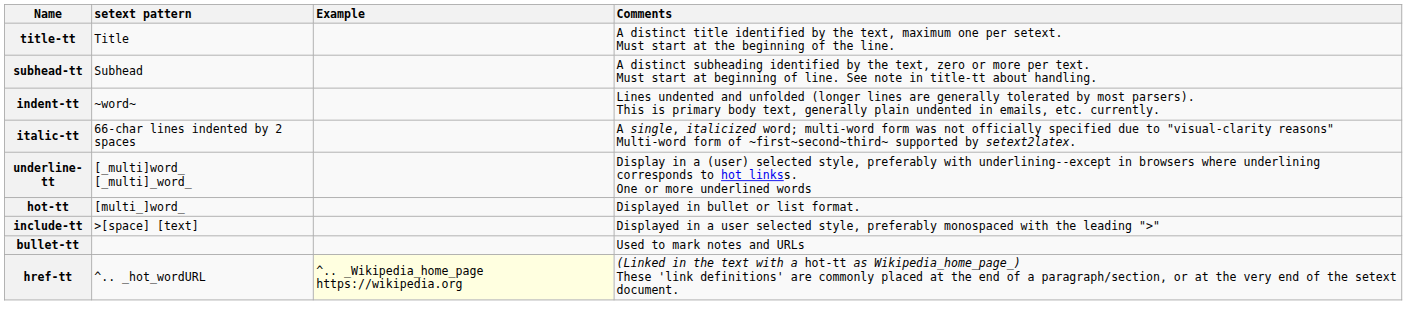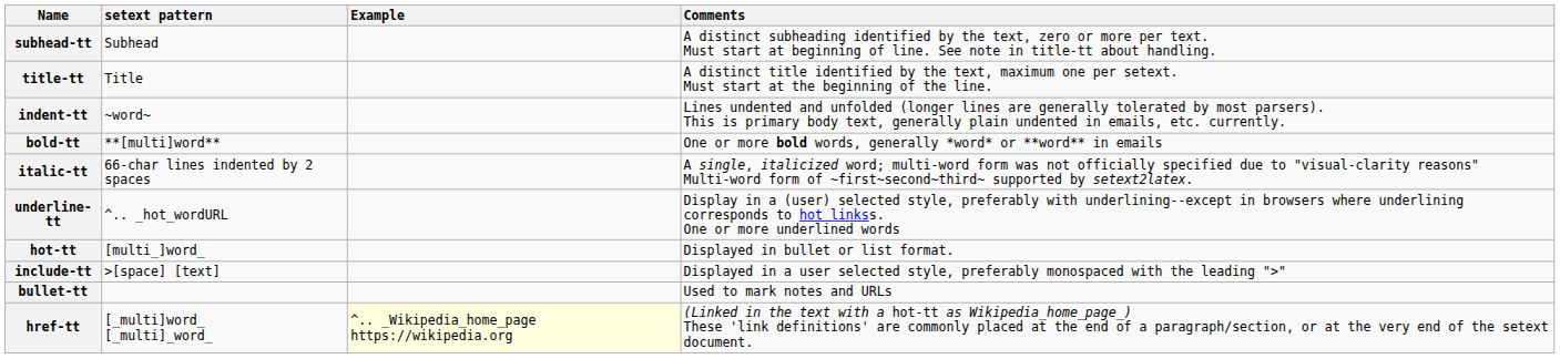 <table class="wikitable" summary="Syntax and examples of various ">
 <tr>
 <th scope="col">Name</th>
 <th style="text-align: left; min-width= 30em;">setext pattern</th>
 <th style="text-align: left;">Example </th>
 <th style="text-align: left; width= 25%;">Comments</th>
 </tr>
 <tr>
+<th id="c" scope="row">subhead-tt</th>
+<td class="nowrap"><code>Subhead</code><br><code></code></td>
+<td></td>
+<td>A distinct subheading identified by the text, zero or more per text.<br>Must start at beginning of line. See note in title-tt about handling.</td>
+</tr>
+<tr>
 <th id="b" scope="row">title-tt</th>
 <td class="nowrap"><code>Title</code><br><code></code></td>
 <td></td>
 <td>A distinct title identified by the text, maximum one per setext.<br>Must start at the beginning of the line.</td>
 </tr>
 <tr>
-<th id="c" scope="row">subhead-tt</th>
-<td class="nowrap"><code>Subhead</code><br><code></code></td>
-<td></td>
-<td>A distinct subheading identified by the text, zero or more per text.<br>Must start at beginning of line. See note in title-tt about handling.</td>
-</tr>
-<tr>
 <th>indent-tt</th>
 <td class="nowrap"><code>~word~</code></td>
 <td class="nowrap"></td>
 <td>Lines undented and unfolded (longer lines are generally tolerated by most parsers).<br>This is primary body text, generally plain undented in emails, etc. currently.</td>
+</tr>
+<tr>
+<th>bold-tt</th>
+<td class="nowrap"><code>**[multi]word**</code></td>
+<td></td>
+<td>One or more <strong>bold</strong> words, generally <code>*word*</code> or <code>**word**</code> in emails</td>
 </tr>
 <tr>
 <th>italic-tt</th>
 <td>66-char lines indented by 2 spaces</td>
 <td></td>
 <td>A <em>single</em>, <em>italicized</em> word; multi-word form was not officially specified due to "visual-clarity reasons"<br>Multi-word form of <code>~first~second~third~</code> supported by <em>setext2latex</em>.</td>
 </tr>
 <tr>
 <th class="nowrap">underline-tt</th>
-<td class="nowrap"><code>[_multi]word_</code><br><code>[_multi]_word_</code></td>
+<td class="nowrap"><code>^.. _hot_wordURL</code></td>
 <td> </td>
 <td>Display in a (user) selected style, preferably with underlining--except in browsers where underlining corresponds to <a href='#'>hot links</a>s.<br>One or more underlined words</td>
 </tr>
 <tr>
 <th>hot-tt</th>
 <td class="nowrap"><code>[multi_]word_</code></td>
 <td></td>
 <td>Displayed in bullet or list format.<br></td>
 </tr>
 <tr>
 <th>include-tt</th>
 <td class="nowrap"><code>>[space] [text]</code></td>
 <td></td>
 <td>Displayed in a user selected style, preferably monospaced with the leading ">"</td>
 </tr>
 <tr>
 <th>bullet-tt</th>
 <td class="nowrap"></td>
 <td></td>
 <td>Used to mark notes and URLs</td>
 </tr>
 <tr>
 <th>href-tt</th>
-<td class="nowrap"><code>^.. _hot_wordURL</code></td>
+<td class="nowrap"><code>[_multi]word_</code><br><code>[_multi]_word_</code></td>
 <td style="background: lightyellow;"><code>^.. _Wikipedia_home_page https://wikipedia.org</code></td>
 <td><em>(Linked in the text with a </em>hot-tt<em> as <code>Wikipedia_home_page_</code>)</em><br> These 'link definitions' are commonly placed at the end of a paragraph/section, or at the very end of the setext document.<br></td>
 </tr>
 </table>
